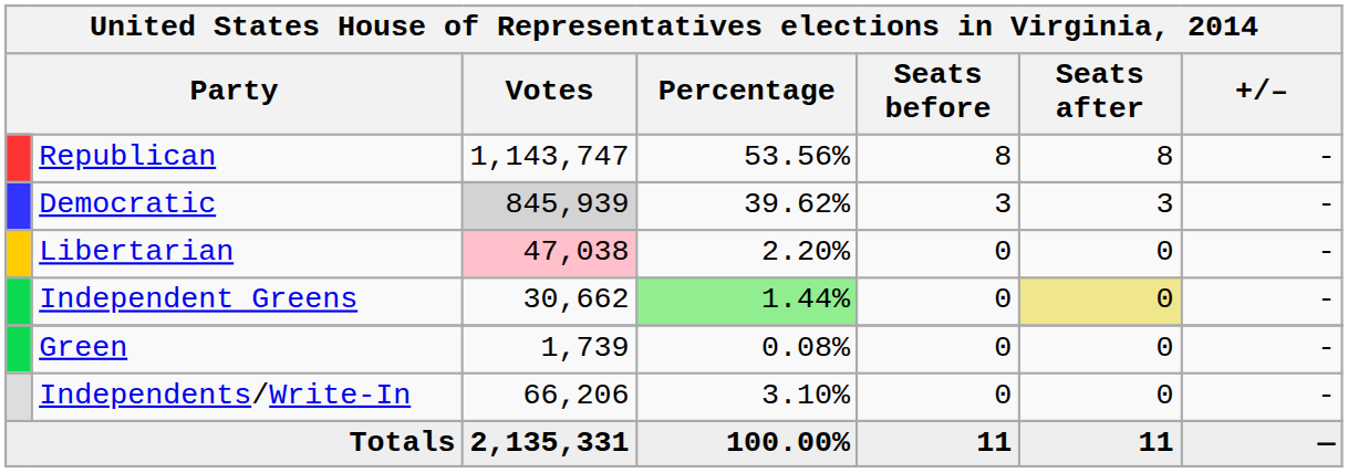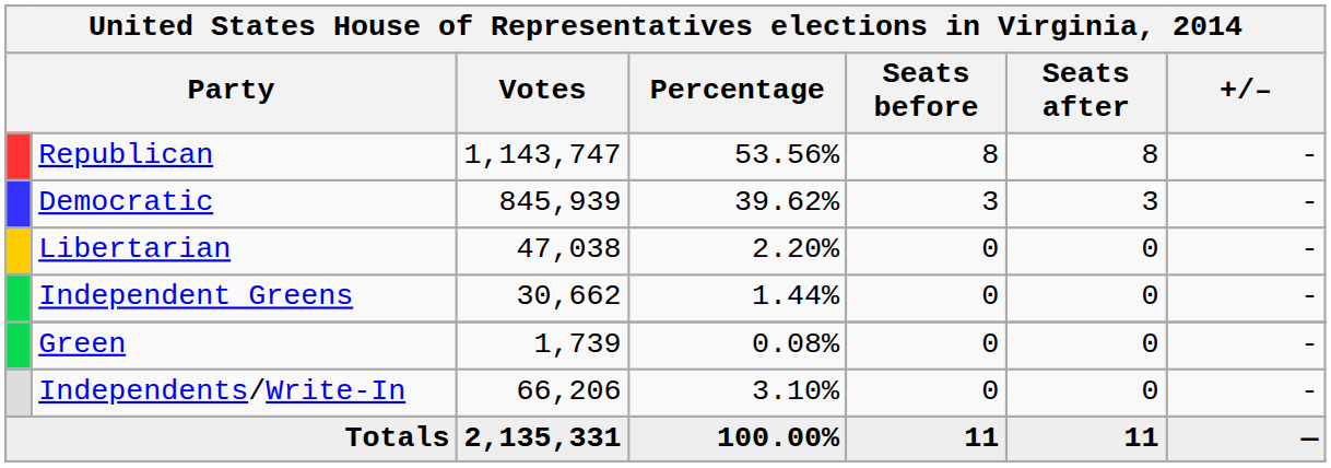 <table class="wikitable" style="font-size: 95%;">
 <tr>
 <th colspan="7">United States House of Representatives elections in Virginia, 2014</th>
 </tr>
 <tr>
 <th colspan=2 style="width: 15em">Party</th>
 <th style="width: 5em">Votes</th>
 <th style="width: 7em">Percentage</th>
 <th style="width: 5em">Seats before</th>
 <th style="width: 5em">Seats after</th>
 <th style="width: 5em">+/–</th>
 </tr>
 <tr>
 <th style="background-color:#FF3333; width: 3px"></th>
 <td style="width: 130px"><a href='#'>Republican</a></td>
 <td align="right">1,143,747</td>
 <td align="right">53.56%</td>
 <td align="right">8</td>
 <td align="right">8</td>
 <td align="right">-</td>
 </tr>
 <tr>
 <th style="background-color:#3333FF; width: 3px"></th>
 <td style="width: 130px"><a href='#'>Democratic</a></td>
-<td align="right" style="background: lightgrey;">845,939</td>
+<td align="right">845,939</td>
 <td align="right">39.62%</td>
 <td align="right">3</td>
 <td align="right">3</td>
 <td align="right">-</td>
 </tr>
 <tr>
 <th style="background-color:#FFCC00; width: 3px"></th>
 <td style="width: 130px"><a href='#'>Libertarian</a></td>
-<td align="right" style="background: pink;">47,038</td>
+<td align="right">47,038</td>
 <td align="right">2.20%</td>
 <td align="right">0</td>
 <td align="right">0</td>
 <td align="right">-</td>
 </tr>
 <tr>
 <th style="background-color:#0BDA51; width: 3px"></th>
 <td style="width: 130px"><a href='#'>Independent Greens</a></td>
 <td align="right">30,662</td>
-<td align="right" style="background: lightgreen;">1.44%</td>
+<td align="right">1.44%</td>
 <td align="right">0</td>
-<td align="right" style="background: khaki;">0</td>
+<td align="right">0</td>
 <td align="right">-</td>
 </tr>
 <tr>
 </tr>
 <tr>
 <th style="background-color:#0BDA51; width: 3px"></th>
 <td style="width: 130px"><a href='#'>Green</a></td>
 <td align="right">1,739</td>
 <td align="right">0.08%</td>
 <td align="right">0</td>
 <td align="right">0</td>
 <td align="right">-</td>
 </tr>
 <tr>
 <th style="background-color:#DDDDDD; width: 3px"></th>
 <td style="width: 130px"><a href='#'>Independents</a>/<a href='#'>Write-In</a></td>
 <td align="right">66,206</td>
 <td align="right">3.10%</td>
 <td align="right">0</td>
 <td align="right">0</td>
 <td align="right">-</td>
 </tr>
 <tr bgcolor="#EEEEEE">
 <td colspan="2" align="right"><strong>Totals</strong></td>
 <td align="right"><strong>2,135,331</strong></td>
 <td align="right"><strong>100.00%</strong></td>
 <td align="right"><strong>11</strong></td>
 <td align="right"><strong>11</strong></td>
 <td align="right"><strong>—</strong></td>
 </tr>
 </table>
